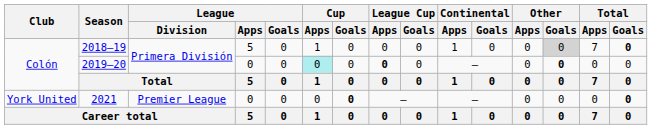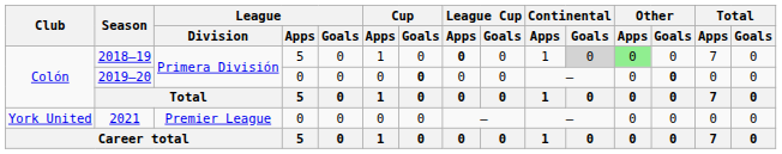 <table class="wikitable" style="text-align:center">
 <tr>
 <th rowspan="2">Club</th>
 <th rowspan="2">Season</th>
 <th colspan="3">League</th>
 <th colspan="2">Cup</th>
 <th colspan="2">League Cup</th>
 <th colspan="2">Continental</th>
 <th colspan="2">Other</th>
 <th colspan="2">Total</th>
 </tr>
 <tr>
 <th>Division</th>
 <th>Apps</th>
 <th>Goals</th>
 <th>Apps</th>
 <th>Goals</th>
 <th>Apps</th>
 <th>Goals</th>
 <th>Apps</th>
 <th>Goals</th>
 <th>Apps</th>
 <th>Goals</th>
 <th>Apps</th>
 <th>Goals</th>
 </tr>
 <tr>
 <td rowspan="3"><a href='#'>Colón</a></td>
 <td><a href='#'>2018–19</a></td>
 <td rowspan="2"><a href='#'>Primera División</a></td>
 <td>5</td>
 <td>0</td>
 <td>1</td>
 <td>0</td>
-<td>0</td>
+<td><strong>0</strong></td>
 <td>0</td>
 <td>1</td>
+<td style="background: lightgrey;">0</td>
+<td style="background: lightgreen;">0</td>
 <td>0</td>
+<td>7</td>
 <td>0</td>
-<td style="background: lightgrey;">0</td>
-<td>7</td>
-<td><strong>0</strong></td>
 </tr>
 <tr>
 <td><a href='#'>2019–20</a></td>
 <td>0</td>
 <td>0</td>
-<td style="background: paleturquoise;">0</td>
 <td>0</td>
 <td><strong>0</strong></td>
+<td>0</td>
 <td>0</td>
 <td colspan="2">—</td>
 <td>0</td>
 <td><strong>0</strong></td>
 <td>0</td>
 <td>0</td>
 </tr>
 <tr>
 <th colspan="2">Total</th>
 <th>5</th>
 <th>0</th>
 <th>1</th>
 <th>0</th>
 <th>0</th>
 <th>0</th>
 <th>1</th>
 <th>0</th>
 <th>0</th>
 <th>0</th>
 <th>7</th>
 <th>0</th>
 </tr>
 <tr>
 <td rowspan="1"><a href='#'>York United</a></td>
 <td><a href='#'>2021</a></td>
 <td rowspan="1"><a href='#'>Premier League</a></td>
 <td>0</td>
 <td>0</td>
 <td>0</td>
-<td><strong>0</strong></td>
+<td>0</td>
 <td colspan="2">—</td>
 <td colspan="2">—</td>
 <td>0</td>
 <td>0</td>
 <td>0</td>
-<td><strong>0</strong></td>
+<td>0</td>
 </tr>
 <tr>
 <th colspan="3">Career total</th>
 <th>5</th>
 <th>0</th>
 <th>1</th>
 <th>0</th>
 <th>0</th>
 <th>0</th>
 <th>1</th>
 <th>0</th>
 <th>0</th>
 <th>0</th>
 <th>7</th>
 <th>0</th>
 </tr>
 </table>
